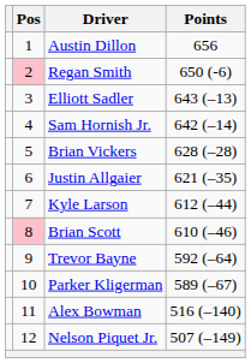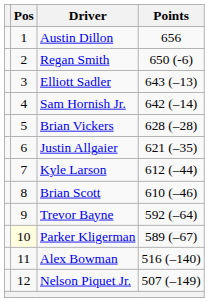 <table class="wikitable" style="font-size: 95%;">
 <tr>
 <th></th>
 <th>Pos</th>
 <th>Driver</th>
 <th>Points</th>
 </tr>
 <tr>
 <td align="left"></td>
 <td style="text-align:center;">1</td>
 <td><a href='#'>Austin Dillon</a></td>
 <td style="text-align:center;">656</td>
 </tr>
 <tr>
 <td align="left"></td>
-<td style="background: pink; text-align:center;">2</td>
+<td style="text-align:center;">2</td>
 <td><a href='#'>Regan Smith</a></td>
 <td style="text-align:center;">650 (-6)</td>
 </tr>
 <tr>
 <td align="left"></td>
 <td style="text-align:center;">3</td>
 <td><a href='#'>Elliott Sadler</a></td>
 <td style="text-align:center;">643 (–13)</td>
 </tr>
 <tr>
 <td align="left"></td>
 <td style="text-align:center;">4</td>
 <td><a href='#'>Sam Hornish Jr.</a></td>
 <td style="text-align:center;">642 (–14)</td>
 </tr>
 <tr>
 <td align="left"></td>
 <td style="text-align:center;">5</td>
 <td><a href='#'>Brian Vickers</a></td>
 <td style="text-align:center;">628 (–28)</td>
 </tr>
 <tr>
 <td align="left"></td>
 <td style="text-align:center;">6</td>
 <td><a href='#'>Justin Allgaier</a></td>
 <td style="text-align:center;">621 (–35)</td>
 </tr>
 <tr>
 <td align="left"></td>
 <td style="text-align:center;">7</td>
 <td><a href='#'>Kyle Larson</a></td>
 <td style="text-align:center;">612 (–44)</td>
 </tr>
 <tr>
 <td align="left"></td>
-<td style="background: pink; text-align:center;">8</td>
+<td style="text-align:center;">8</td>
 <td><a href='#'>Brian Scott</a></td>
 <td style="text-align:center;">610 (–46)</td>
 </tr>
 <tr>
 <td align="left"></td>
 <td style="text-align:center;">9</td>
 <td><a href='#'>Trevor Bayne</a></td>
 <td style="text-align:center;">592 (–64)</td>
 </tr>
 <tr>
 <td align="left"></td>
-<td style="text-align:center;">10</td>
+<td style="background: lightyellow; text-align:center;">10</td>
 <td><a href='#'>Parker Kligerman</a></td>
 <td style="text-align:center;">589 (–67)</td>
 </tr>
 <tr>
 <td align="left"></td>
 <td style="text-align:center;">11</td>
 <td><a href='#'>Alex Bowman</a></td>
 <td style="text-align:center;">516 (–140)</td>
 </tr>
 <tr>
 <td align="left"></td>
 <td style="text-align:center;">12</td>
 <td><a href='#'>Nelson Piquet Jr.</a></td>
 <td style="text-align:center;">507 (–149)</td>
 </tr>
 <tr class="sortbottom">
 <th colspan="9"></th>
 </tr>
 </table>
